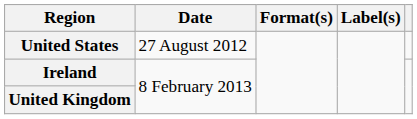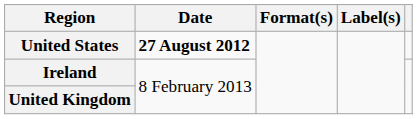 <table class="wikitable plainrowheaders">
 <tr>
 <th scope="col">Region</th>
 <th scope="col">Date</th>
 <th scope="col">Format(s)</th>
 <th scope="col">Label(s)</th>
 <th scope="col"></th>
 </tr>
 <tr>
 <th scope="row">United States</th>
-<td>27 August 2012</td>
+<td><strong>27 August 2012</strong></td>
 <td rowspan="3"></td>
 <td rowspan="3"></td>
 <td></td>
 </tr>
 <tr>
 <th scope="row">Ireland</th>
 <td rowspan="2">8 February 2013</td>
 <td rowspan="2"></td>
 </tr>
 <tr>
 <th scope="row">United Kingdom</th>
 </tr>
 </table>
